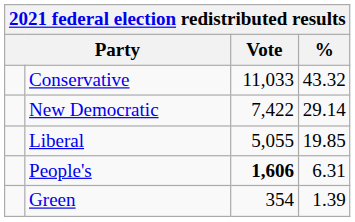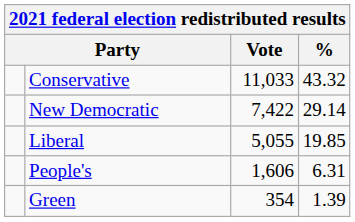 <table class="wikitable">
 <tr>
 <th colspan="4"><a href='#'>2021 federal election</a> redistributed results</th>
 </tr>
 <tr>
 <th bgcolor="#DDDDFF" width="130px" colspan="2">Party</th>
 <th bgcolor="#DDDDFF" width="50px">Vote</th>
 <th bgcolor="#DDDDFF" width="30px">%</th>
 </tr>
 <tr>
 <td> </td>
 <td><a href='#'>Conservative</a></td>
 <td align=right>11,033</td>
 <td align=right>43.32</td>
 </tr>
 <tr>
 <td> </td>
 <td><a href='#'>New Democratic</a></td>
 <td align=right>7,422</td>
 <td align=right>29.14</td>
 </tr>
 <tr>
 <td> </td>
 <td><a href='#'>Liberal</a></td>
 <td align=right>5,055</td>
 <td align=right>19.85</td>
 </tr>
 <tr>
 <td> </td>
 <td><a href='#'>People's</a></td>
-<td align=right><strong>1,606</strong></td>
+<td align=right>1,606</td>
 <td align=right>6.31</td>
 </tr>
 <tr>
 <td> </td>
 <td><a href='#'>Green</a></td>
 <td align=right>354</td>
 <td align=right>1.39</td>
 </tr>
 </table>
